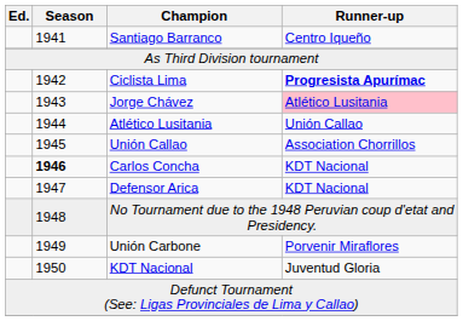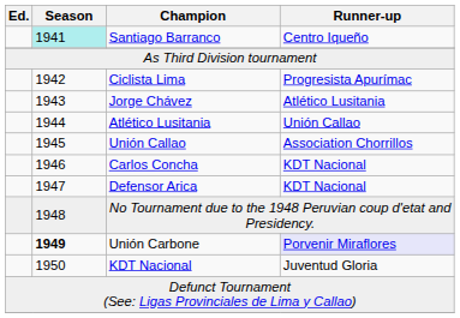 <table class="wikitable sortable">
 <tr>
 <th width=px>Ed.</th>
 <th width="80">Season</th>
 <th width="200">Champion</th>
 <th width="200">Runner-up</th>
 </tr>
 <tr>
 <td></td>
-<td>1941</td>
+<td style="background: paleturquoise;">1941</td>
 <td><a href='#'>Santiago Barranco</a></td>
 <td><a href='#'>Centro Iqueño</a></td>
 </tr>
 <tr>
 </tr>
 <tr bgcolor=#efefef>
 <td colspan="5" align=center><em>As Third Division tournament</em></td>
 </tr>
 <tr>
 <td></td>
 <td>1942</td>
 <td><a href='#'>Ciclista Lima</a></td>
-<td><strong><a href='#'>Progresista Apurímac</a></strong></td>
+<td><a href='#'>Progresista Apurímac</a></td>
 </tr>
 <tr>
 <td></td>
 <td>1943</td>
 <td><a href='#'>Jorge Chávez</a></td>
-<td style="background: pink;"><a href='#'>Atlético Lusitania</a></td>
+<td><a href='#'>Atlético Lusitania</a></td>
 </tr>
 <tr>
 <td></td>
 <td>1944</td>
 <td><a href='#'>Atlético Lusitania</a></td>
 <td><a href='#'>Unión Callao</a></td>
 </tr>
 <tr>
 <td></td>
 <td>1945</td>
 <td><a href='#'>Unión Callao</a></td>
 <td><a href='#'>Association Chorrillos</a></td>
 </tr>
 <tr>
 <td></td>
-<td><strong>1946</strong></td>
+<td>1946</td>
 <td><a href='#'>Carlos Concha</a></td>
 <td><a href='#'>KDT Nacional</a></td>
 </tr>
 <tr>
 <td></td>
 <td>1947</td>
 <td><a href='#'>Defensor Arica</a></td>
 <td><a href='#'>KDT Nacional</a></td>
 </tr>
 <tr bgcolor=#efefef>
 <td></td>
 <td>1948</td>
 <td colspan="2" style="text-align:center;"><em>No Tournament due to the 1948 Peruvian coup d'etat and Presidency.</em></td>
 </tr>
 <tr>
 <td></td>
-<td>1949</td>
+<td><strong>1949</strong></td>
 <td>Unión Carbone</td>
-<td><a href='#'>Porvenir Miraflores</a></td>
+<td style="background: lavender;"><a href='#'>Porvenir Miraflores</a></td>
 </tr>
 <tr>
 <td></td>
 <td>1950</td>
 <td><a href='#'>KDT Nacional</a></td>
 <td>Juventud Gloria</td>
 </tr>
 <tr bgcolor=#efefef>
 <td colspan="4" style="text-align:center;"><em>Defunct Tournament</em><br><em>(See: <a href='#'>Ligas Provinciales de Lima y Callao</a>)</em></td>
 </tr>
 <tr>
 </tr>
 </table>
